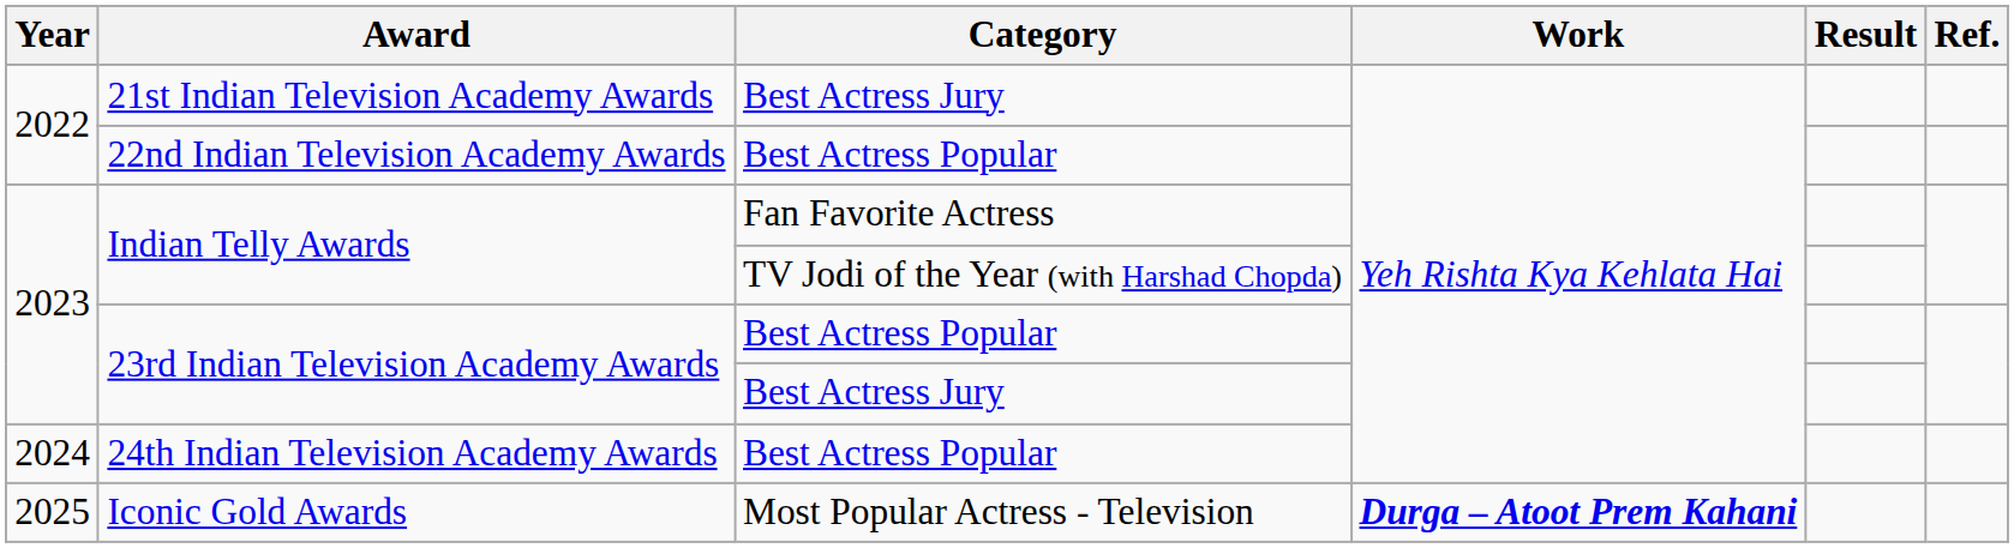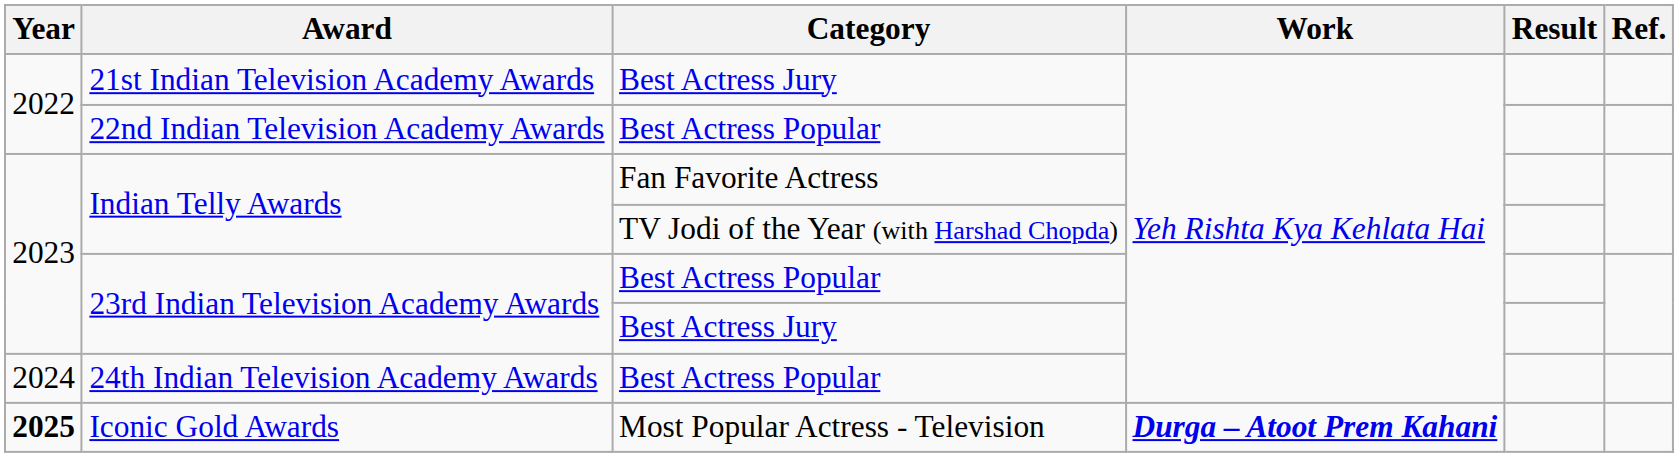 <table class="wikitable">
 <tr>
 <th>Year</th>
 <th>Award</th>
 <th>Category</th>
 <th>Work</th>
 <th>Result</th>
 <th>Ref.</th>
 </tr>
 <tr>
 <td rowspan=2>2022</td>
 <td><a href='#'>21st Indian Television Academy Awards</a></td>
 <td><a href='#'>Best Actress Jury</a></td>
 <td rowspan=7><em><a href='#'>Yeh Rishta Kya Kehlata Hai</a></em></td>
 <td></td>
 <td></td>
 </tr>
 <tr>
 <td><a href='#'>22nd Indian Television Academy Awards</a></td>
 <td><a href='#'>Best Actress Popular</a></td>
 <td></td>
 <td></td>
 </tr>
 <tr>
 <td rowspan=4>2023</td>
 <td rowspan=2><a href='#'>Indian Telly Awards</a></td>
 <td>Fan Favorite Actress</td>
 <td></td>
 <td rowspan=2></td>
 </tr>
 <tr>
 <td>TV Jodi of the Year <small>(with <a href='#'>Harshad Chopda</a>)</small></td>
 <td></td>
 </tr>
 <tr>
 <td rowspan=2><a href='#'>23rd Indian Television Academy Awards</a></td>
 <td><a href='#'>Best Actress Popular</a></td>
 <td></td>
 <td rowspan=2></td>
 </tr>
 <tr>
 <td><a href='#'>Best Actress Jury</a></td>
 <td></td>
 </tr>
 <tr>
 <td>2024</td>
 <td><a href='#'>24th Indian Television Academy Awards</a></td>
 <td><a href='#'>Best Actress Popular</a></td>
 <td></td>
 <td></td>
 </tr>
 <tr>
-<td>2025</td>
+<td><strong>2025</strong></td>
 <td><a href='#'>Iconic Gold Awards</a></td>
 <td>Most Popular Actress - Television</td>
 <td><strong><em><a href='#'>Durga – Atoot Prem Kahani</a></em></strong></td>
 <td></td>
 <td></td>
 </tr>
 </table>
